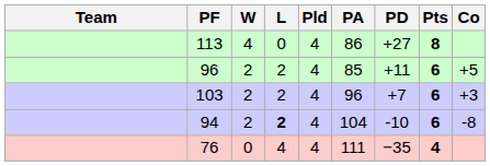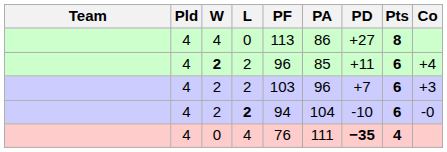 <table class=wikitable style="text-align:center">
 <tr>
 <th width=170>Team</th>
-<th width=35>PF</th>
+<th width=25>Pld</th>
 <th width=25>W</th>
 <th width=25>L</th>
-<th width=25>Pld</th>
+<th width=35>PF</th>
 <th width=35>PA</th>
 <th width=35>PD</th>
 <th width=25>Pts</th>
 <th width=25>Co</th>
 </tr>
 <tr bgcolor=ccffcc>
 <td style="text-align:left"></td>
-<td>113</td>
+<td>4</td>
 <td>4</td>
 <td>0</td>
-<td>4</td>
+<td>113</td>
 <td>86</td>
 <td>+27</td>
 <td><strong>8</strong></td>
 <td></td>
 </tr>
 <tr bgcolor=ccffcc>
 <td style="text-align:left"></td>
+<td>4</td>
+<td><strong>2</strong></td>
+<td>2</td>
 <td>96</td>
-<td>2</td>
-<td>2</td>
-<td>4</td>
 <td>85</td>
 <td>+11</td>
 <td><strong>6</strong></td>
-<td>+5</td>
+<td>+4</td>
 </tr>
 <tr bgcolor=ccccff>
 <td style="text-align:left"></td>
-<td>103</td>
+<td>4</td>
 <td>2</td>
 <td>2</td>
-<td>4</td>
+<td>103</td>
 <td>96</td>
 <td>+7</td>
 <td><strong>6</strong></td>
 <td>+3</td>
 </tr>
 <tr bgcolor=ccccff>
 <td style="text-align:left"></td>
-<td>94</td>
+<td>4</td>
 <td>2</td>
 <td><strong>2</strong></td>
-<td>4</td>
+<td>94</td>
 <td>104</td>
 <td>-10</td>
 <td><strong>6</strong></td>
-<td>-8</td>
+<td>-0</td>
 </tr>
 <tr bgcolor=ffcccc>
 <td style="text-align:left"></td>
-<td>76</td>
+<td>4</td>
 <td>0</td>
 <td>4</td>
-<td>4</td>
+<td>76</td>
 <td>111</td>
-<td>−35</td>
+<td><strong>−35</strong></td>
 <td><strong>4</strong></td>
 <td></td>
 </tr>
 </table>
